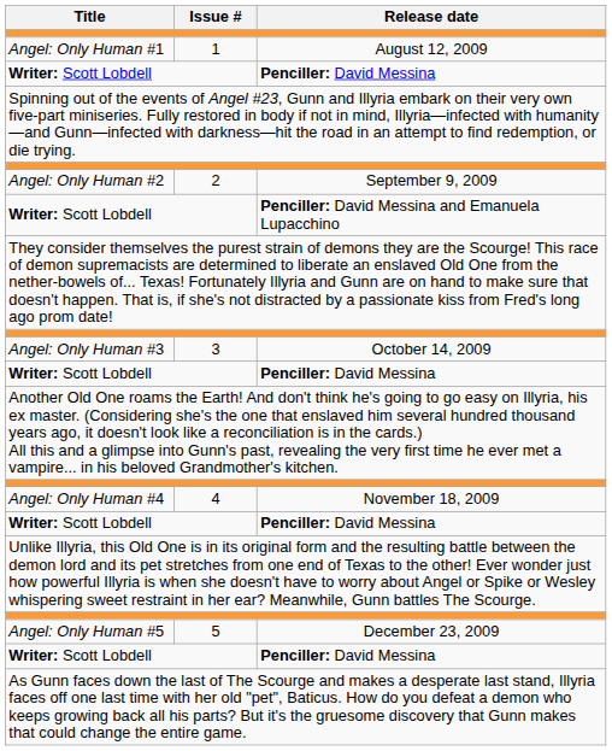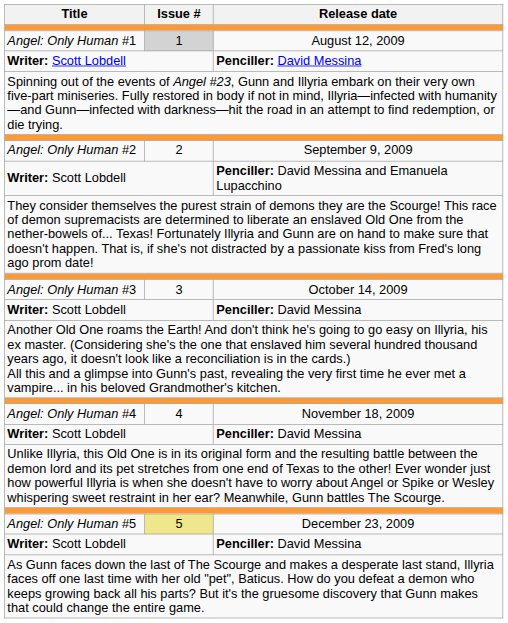 <table class="wikitable mw-collapsible mw-collapsed" style="width:100%;">
 <tr>
 <th>Title</th>
 <th>Issue #</th>
 <th>Release date</th>
 </tr>
 <tr>
 <td colspan="6" style="background:#f93;"></td>
 </tr>
 <tr>
 <td><em>Angel: Only Human</em> #1</td>
-<td style="text-align:center;">1</td>
+<td style="background: lightgrey; text-align:center;">1</td>
 <td style="text-align:center;">August 12, 2009</td>
 </tr>
 <tr>
 <td colspan="2"><strong>Writer:</strong> <a href='#'>Scott Lobdell</a></td>
 <td><strong>Penciller:</strong> <a href='#'>David Messina</a></td>
 </tr>
 <tr>
 <td colspan="6">Spinning out of the events of <em>Angel #23</em>, Gunn and Illyria embark on their very own five-part miniseries. Fully restored in body if not in mind, Illyria—infected with humanity—and Gunn—infected with darkness—hit the road in an attempt to find redemption, or die trying.</td>
 </tr>
 <tr>
 <td colspan="6" style="background:#f93;"></td>
 </tr>
 <tr>
 <td><em>Angel: Only Human</em> #2</td>
 <td style="text-align:center;">2</td>
 <td style="text-align:center;">September 9, 2009</td>
 </tr>
 <tr>
 <td colspan="2"><strong>Writer:</strong> Scott Lobdell</td>
 <td><strong>Penciller:</strong> David Messina and Emanuela Lupacchino</td>
 </tr>
 <tr>
 <td colspan="6">They consider themselves the purest strain of demons they are the Scourge! This race of demon supremacists are determined to liberate an enslaved Old One from the nether-bowels of... Texas! Fortunately Illyria and Gunn are on hand to make sure that doesn't happen. That is, if she's not distracted by a passionate kiss from Fred's long ago prom date!</td>
 </tr>
 <tr>
 <td colspan="6" style="background:#f93;"></td>
 </tr>
 <tr>
 <td><em>Angel: Only Human</em> #3</td>
 <td style="text-align:center;">3</td>
 <td style="text-align:center;">October 14, 2009</td>
 </tr>
 <tr>
 <td colspan="2"><strong>Writer:</strong> Scott Lobdell</td>
 <td><strong>Penciller:</strong> David Messina</td>
 </tr>
 <tr>
 <td colspan="6">Another Old One roams the Earth! And don't think he's going to go easy on Illyria, his ex master. (Considering she's the one that enslaved him several hundred thousand years ago, it doesn't look like a reconciliation is in the cards.)<br>All this and a glimpse into Gunn's past, revealing the very first time he ever met a vampire... in his beloved Grandmother's kitchen.</td>
 </tr>
 <tr>
 <td colspan="6" style="background:#f93;"></td>
 </tr>
 <tr>
 <td><em>Angel: Only Human</em> #4</td>
 <td style="text-align:center;">4</td>
 <td style="text-align:center;">November 18, 2009</td>
 </tr>
 <tr>
 <td colspan="2"><strong>Writer:</strong> Scott Lobdell</td>
 <td><strong>Penciller:</strong> David Messina</td>
 </tr>
 <tr>
 <td colspan="6">Unlike Illyria, this Old One is in its original form and the resulting battle between the demon lord and its pet stretches from one end of Texas to the other! Ever wonder just how powerful Illyria is when she doesn't have to worry about Angel or Spike or Wesley whispering sweet restraint in her ear? Meanwhile, Gunn battles The Scourge.</td>
 </tr>
 <tr>
 <td colspan="6" style="background:#f93;"></td>
 </tr>
 <tr>
 <td><em>Angel: Only Human</em> #5</td>
-<td style="text-align:center;">5</td>
+<td style="background: khaki; text-align:center;">5</td>
 <td style="text-align:center;">December 23, 2009</td>
 </tr>
 <tr>
 <td colspan="2"><strong>Writer:</strong> Scott Lobdell</td>
 <td><strong>Penciller:</strong> David Messina</td>
 </tr>
 <tr>
 <td colspan="6">As Gunn faces down the last of The Scourge and makes a desperate last stand, Illyria faces off one last time with her old "pet", Baticus. How do you defeat a demon who keeps growing back all his parts? But it's the gruesome discovery that Gunn makes that could change the entire game.</td>
 </tr>
 </table>
